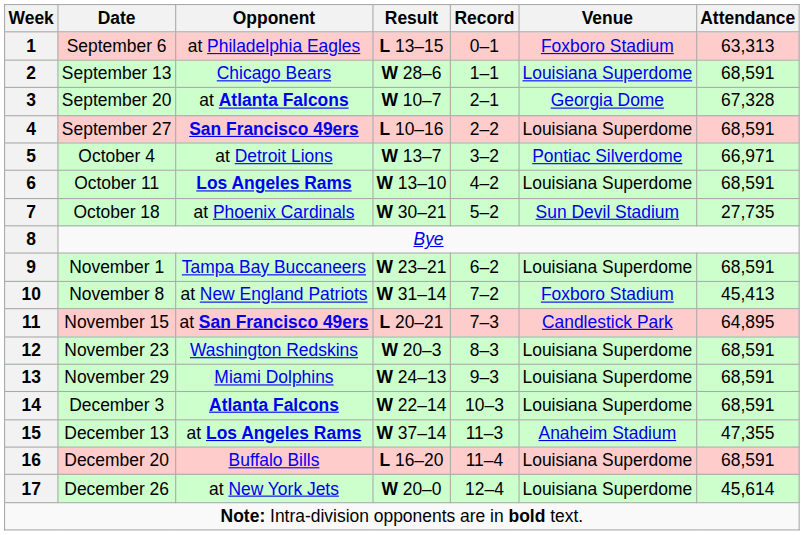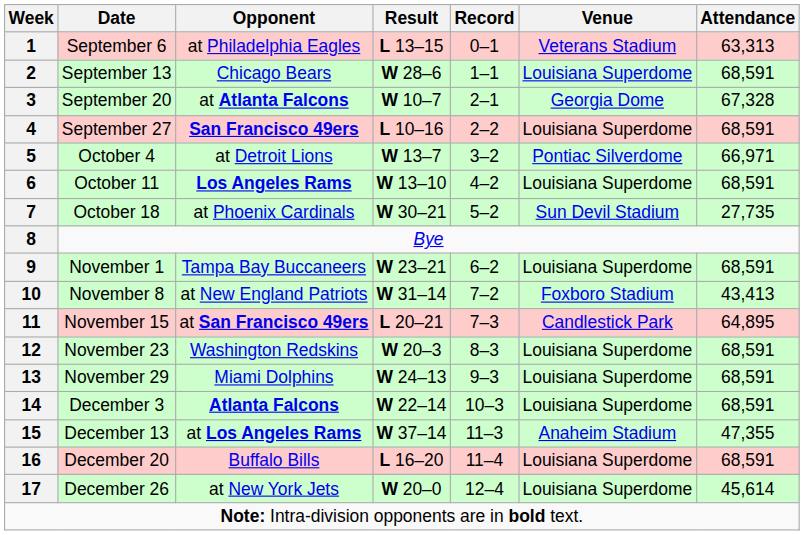 <table class="wikitable" style="text-align:center">
 <tr>
 <th>Week</th>
 <th>Date</th>
 <th>Opponent</th>
 <th>Result</th>
 <th>Record</th>
 <th>Venue</th>
 <th>Attendance</th>
 </tr>
 <tr style="background:#fcc">
 <th>1</th>
 <td>September 6</td>
 <td>at <a href='#'>Philadelphia Eagles</a></td>
 <td><strong>L</strong> 13–15</td>
 <td>0–1</td>
-<td><a href='#'>Foxboro Stadium</a></td>
+<td><a href='#'>Veterans Stadium</a></td>
 <td>63,313</td>
 </tr>
 <tr style="background:#cfc">
 <th>2</th>
 <td>September 13</td>
 <td><a href='#'>Chicago Bears</a></td>
 <td><strong>W</strong> 28–6</td>
 <td>1–1</td>
 <td><a href='#'>Louisiana Superdome</a></td>
 <td>68,591</td>
 </tr>
 <tr style="background:#cfc">
 <th>3</th>
 <td>September 20</td>
 <td>at <strong><a href='#'>Atlanta Falcons</a></strong></td>
 <td><strong>W</strong> 10–7</td>
 <td>2–1</td>
 <td><a href='#'>Georgia Dome</a></td>
 <td>67,328</td>
 </tr>
 <tr style="background:#fcc">
 <th>4</th>
 <td>September 27</td>
 <td><strong><a href='#'>San Francisco 49ers</a></strong></td>
 <td><strong>L</strong> 10–16</td>
 <td>2–2</td>
 <td>Louisiana Superdome</td>
 <td>68,591</td>
 </tr>
 <tr style="background:#cfc">
 <th>5</th>
 <td>October 4</td>
 <td>at <a href='#'>Detroit Lions</a></td>
 <td><strong>W</strong> 13–7</td>
 <td>3–2</td>
 <td><a href='#'>Pontiac Silverdome</a></td>
 <td>66,971</td>
 </tr>
 <tr style="background:#cfc">
 <th>6</th>
 <td>October 11</td>
 <td><strong><a href='#'>Los Angeles Rams</a></strong></td>
 <td><strong>W</strong> 13–10</td>
 <td>4–2</td>
 <td>Louisiana Superdome</td>
 <td>68,591</td>
 </tr>
 <tr style="background:#cfc">
 <th>7</th>
 <td>October 18</td>
 <td>at <a href='#'>Phoenix Cardinals</a></td>
 <td><strong>W</strong> 30–21</td>
 <td>5–2</td>
 <td><a href='#'>Sun Devil Stadium</a></td>
 <td>27,735</td>
 </tr>
 <tr>
 <th>8</th>
 <td colspan="7"><em><a href='#'>Bye</a></em></td>
 </tr>
 <tr style="background:#cfc">
 <th>9</th>
 <td>November 1</td>
 <td><a href='#'>Tampa Bay Buccaneers</a></td>
 <td><strong>W</strong> 23–21</td>
 <td>6–2</td>
 <td>Louisiana Superdome</td>
 <td>68,591</td>
 </tr>
 <tr style="background:#cfc">
 <th>10</th>
 <td>November 8</td>
 <td>at <a href='#'>New England Patriots</a></td>
 <td><strong>W</strong> 31–14</td>
 <td>7–2</td>
 <td><a href='#'>Foxboro Stadium</a></td>
-<td>45,413</td>
+<td>43,413</td>
 </tr>
 <tr style="background:#fcc">
 <th>11</th>
 <td>November 15</td>
 <td>at <strong><a href='#'>San Francisco 49ers</a></strong></td>
 <td><strong>L</strong> 20–21</td>
 <td>7–3</td>
 <td><a href='#'>Candlestick Park</a></td>
 <td>64,895</td>
 </tr>
 <tr style="background:#cfc">
 <th>12</th>
 <td>November 23</td>
 <td><a href='#'>Washington Redskins</a></td>
 <td><strong>W</strong> 20–3</td>
 <td>8–3</td>
 <td>Louisiana Superdome</td>
 <td>68,591</td>
 </tr>
 <tr style="background:#cfc">
 <th>13</th>
 <td>November 29</td>
 <td><a href='#'>Miami Dolphins</a></td>
 <td><strong>W</strong> 24–13</td>
 <td>9–3</td>
 <td>Louisiana Superdome</td>
 <td>68,591</td>
 </tr>
 <tr style="background:#cfc">
 <th>14</th>
 <td>December 3</td>
 <td><strong><a href='#'>Atlanta Falcons</a></strong></td>
 <td><strong>W</strong> 22–14</td>
 <td>10–3</td>
 <td>Louisiana Superdome</td>
 <td>68,591</td>
 </tr>
 <tr style="background:#cfc">
 <th>15</th>
 <td>December 13</td>
 <td>at <strong><a href='#'>Los Angeles Rams</a></strong></td>
 <td><strong>W</strong> 37–14</td>
 <td>11–3</td>
 <td><a href='#'>Anaheim Stadium</a></td>
 <td>47,355</td>
 </tr>
 <tr style="background:#fcc">
 <th>16</th>
 <td>December 20</td>
 <td><a href='#'>Buffalo Bills</a></td>
 <td><strong>L</strong> 16–20</td>
 <td>11–4</td>
 <td>Louisiana Superdome</td>
 <td>68,591</td>
 </tr>
 <tr style="background:#cfc">
 <th>17</th>
 <td>December 26</td>
 <td>at <a href='#'>New York Jets</a></td>
 <td><strong>W</strong> 20–0</td>
 <td>12–4</td>
 <td>Louisiana Superdome</td>
 <td>45,614</td>
 </tr>
 <tr>
 <td colspan="8"><strong>Note:</strong> Intra-division opponents are in <strong>bold</strong> text.</td>
 </tr>
 </table>
